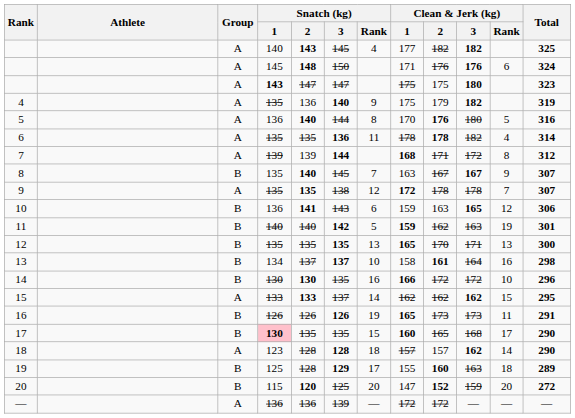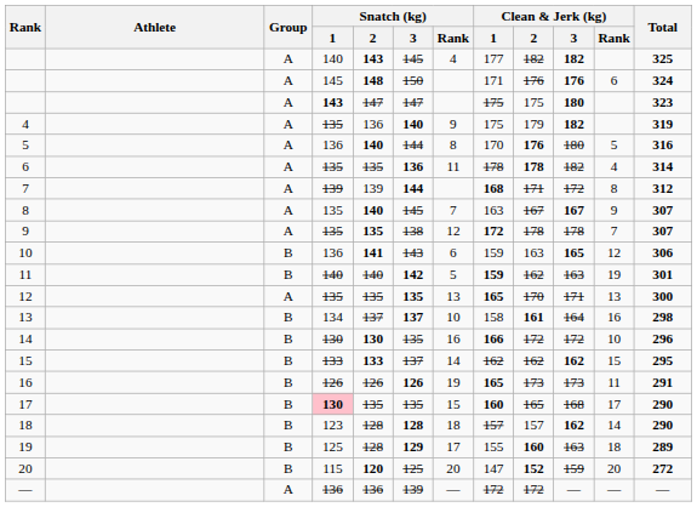 <table class = "wikitable" style="text-align:center;">
 <tr>
 <th rowspan=2 width=40>Rank</th>
 <th rowspan=2 width=250>Athlete</th>
 <th rowspan=2 width=50>Group</th>
 <th colspan=4>Snatch (kg)</th>
 <th colspan=4>Clean & Jerk (kg)</th>
 <th rowspan=2 width=60>Total</th>
 </tr>
 <tr>
 <th width=40>1</th>
 <th width=40>2</th>
 <th width=40>3</th>
 <th width=40>Rank</th>
 <th width=40>1</th>
 <th width=40>2</th>
 <th width=40>3</th>
 <th width=40>Rank</th>
 </tr>
 <tr>
 <td></td>
 <td align=left></td>
 <td>A</td>
 <td>140</td>
 <td><strong>143</strong></td>
 <td><s>145</s></td>
 <td>4</td>
 <td>177</td>
 <td><s>182</s></td>
 <td><strong>182</strong></td>
 <td></td>
 <td><strong>325</strong></td>
 </tr>
 <tr>
 <td></td>
 <td align=left></td>
 <td>A</td>
 <td>145</td>
 <td><strong>148</strong></td>
 <td><s>150</s></td>
 <td></td>
 <td>171</td>
 <td><s>176</s></td>
 <td><strong>176</strong></td>
 <td>6</td>
 <td><strong>324</strong></td>
 </tr>
 <tr>
 <td></td>
 <td align=left></td>
 <td>A</td>
 <td><strong>143</strong></td>
 <td><s>147</s></td>
 <td><s>147</s></td>
 <td></td>
 <td><s>175</s></td>
 <td>175</td>
 <td><strong>180</strong></td>
 <td></td>
 <td><strong>323</strong></td>
 </tr>
 <tr>
 <td>4</td>
 <td align=left></td>
 <td>A</td>
 <td><s>135</s></td>
 <td>136</td>
 <td><strong>140</strong></td>
 <td>9</td>
 <td>175</td>
 <td>179</td>
 <td><strong>182</strong></td>
 <td></td>
 <td><strong>319</strong></td>
 </tr>
 <tr>
 <td>5</td>
 <td align=left></td>
 <td>A</td>
 <td>136</td>
 <td><strong>140</strong></td>
 <td><s>144</s></td>
 <td>8</td>
 <td>170</td>
 <td><strong>176</strong></td>
 <td><s>180</s></td>
 <td>5</td>
 <td><strong>316</strong></td>
 </tr>
 <tr>
 <td>6</td>
 <td align=left></td>
 <td>A</td>
 <td><s>135</s></td>
 <td><s>135</s></td>
 <td><strong>136</strong></td>
 <td>11</td>
 <td><s>178</s></td>
 <td><strong>178</strong></td>
 <td><s>182</s></td>
 <td>4</td>
 <td><strong>314</strong></td>
 </tr>
 <tr>
 <td>7</td>
 <td align=left></td>
 <td>A</td>
 <td><s>139</s></td>
 <td>139</td>
 <td><strong>144</strong></td>
 <td></td>
 <td><strong>168</strong></td>
 <td><s>171</s></td>
 <td><s>172</s></td>
 <td>8</td>
 <td><strong>312</strong></td>
 </tr>
 <tr>
 <td>8</td>
 <td align=left></td>
-<td>B</td>
+<td>A</td>
 <td>135</td>
 <td><strong>140</strong></td>
 <td><s>145</s></td>
 <td>7</td>
 <td>163</td>
 <td><s>167</s></td>
 <td><strong>167</strong></td>
 <td>9</td>
 <td><strong>307</strong></td>
 </tr>
 <tr>
 <td>9</td>
 <td align=left></td>
 <td>A</td>
 <td><s>135</s></td>
 <td><strong>135</strong></td>
 <td><s>138</s></td>
 <td>12</td>
 <td><strong>172</strong></td>
 <td><s>178</s></td>
 <td><s>178</s></td>
 <td>7</td>
 <td><strong>307</strong></td>
 </tr>
 <tr>
 <td>10</td>
 <td align=left></td>
 <td>B</td>
 <td>136</td>
 <td><strong>141</strong></td>
 <td><s>143</s></td>
 <td>6</td>
 <td>159</td>
 <td>163</td>
 <td><strong>165</strong></td>
 <td>12</td>
 <td><strong>306</strong></td>
 </tr>
 <tr>
 <td>11</td>
 <td align=left></td>
 <td>B</td>
 <td><s>140</s></td>
 <td><s>140</s></td>
 <td><strong>142</strong></td>
 <td>5</td>
 <td><strong>159</strong></td>
 <td><s>162</s></td>
 <td><s>163</s></td>
 <td>19</td>
 <td><strong>301</strong></td>
 </tr>
 <tr>
 <td>12</td>
 <td align=left></td>
-<td>B</td>
+<td>A</td>
 <td><s>135</s></td>
 <td><s>135</s></td>
 <td><strong>135</strong></td>
 <td>13</td>
 <td><strong>165</strong></td>
 <td><s>170</s></td>
 <td><s>171</s></td>
 <td>13</td>
 <td><strong>300</strong></td>
 </tr>
 <tr>
 <td>13</td>
 <td align=left></td>
 <td>B</td>
 <td>134</td>
 <td><s>137</s></td>
 <td><strong>137</strong></td>
 <td>10</td>
 <td>158</td>
 <td><strong>161</strong></td>
 <td><s>164</s></td>
 <td>16</td>
 <td><strong>298</strong></td>
 </tr>
 <tr>
 <td>14</td>
 <td align=left></td>
 <td>B</td>
 <td><s>130</s></td>
 <td><strong>130</strong></td>
 <td><s>135</s></td>
 <td>16</td>
 <td><strong>166</strong></td>
 <td><s>172</s></td>
 <td><s>172</s></td>
 <td>10</td>
 <td><strong>296</strong></td>
 </tr>
 <tr>
 <td>15</td>
 <td align=left></td>
-<td>A</td>
+<td>B</td>
 <td><s>133</s></td>
 <td><strong>133</strong></td>
 <td><s>137</s></td>
 <td>14</td>
 <td><s>162</s></td>
 <td><s>162</s></td>
 <td><strong>162</strong></td>
 <td>15</td>
 <td><strong>295</strong></td>
 </tr>
 <tr>
 <td>16</td>
 <td align=left></td>
 <td>B</td>
 <td><s>126</s></td>
 <td><s>126</s></td>
 <td><strong>126</strong></td>
 <td>19</td>
 <td><strong>165</strong></td>
 <td><s>173</s></td>
 <td><s>173</s></td>
 <td>11</td>
 <td><strong>291</strong></td>
 </tr>
 <tr>
 <td>17</td>
 <td align=left></td>
 <td>B</td>
 <td style="background: pink;"><strong>130</strong></td>
 <td><s>135</s></td>
 <td><s>135</s></td>
 <td>15</td>
 <td><strong>160</strong></td>
 <td><s>165</s></td>
 <td><s>168</s></td>
 <td>17</td>
 <td><strong>290</strong></td>
 </tr>
 <tr>
 <td>18</td>
 <td align=left></td>
-<td>A</td>
+<td>B</td>
 <td>123</td>
 <td><s>128</s></td>
 <td><strong>128</strong></td>
 <td>18</td>
 <td><s>157</s></td>
 <td>157</td>
 <td><strong>162</strong></td>
 <td>14</td>
 <td><strong>290</strong></td>
 </tr>
 <tr>
 <td>19</td>
 <td align=left></td>
 <td>B</td>
 <td>125</td>
 <td><s>128</s></td>
 <td><strong>129</strong></td>
 <td>17</td>
 <td>155</td>
 <td><strong>160</strong></td>
 <td><s>163</s></td>
 <td>18</td>
 <td><strong>289</strong></td>
 </tr>
 <tr>
 <td>20</td>
 <td align=left></td>
 <td>B</td>
 <td>115</td>
 <td><strong>120</strong></td>
 <td><s>125</s></td>
 <td>20</td>
 <td>147</td>
 <td><strong>152</strong></td>
 <td><s>159</s></td>
 <td>20</td>
 <td><strong>272</strong></td>
 </tr>
 <tr>
 <td>—</td>
 <td align=left></td>
 <td>A</td>
 <td><s>136</s></td>
 <td><s>136</s></td>
 <td><s>139</s></td>
 <td>—</td>
 <td><s>172</s></td>
 <td><s>172</s></td>
 <td>—</td>
 <td>—</td>
 <td>—</td>
 </tr>
 </table>
